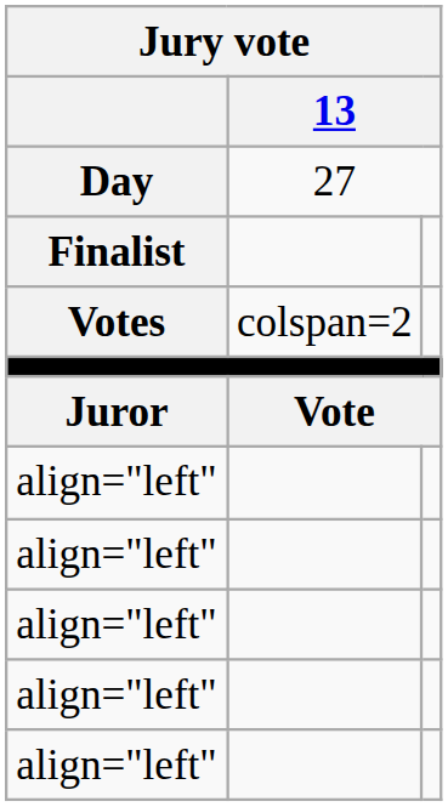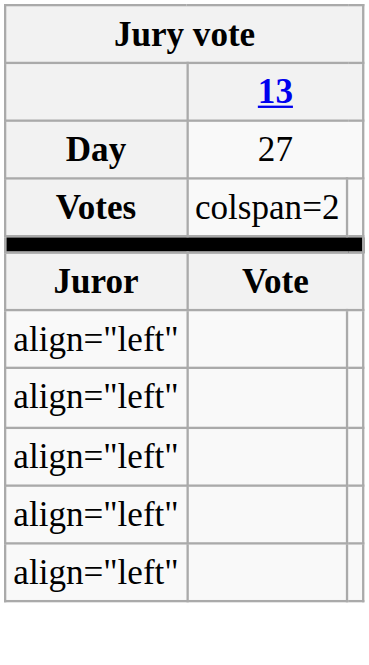 <table class="wikitable nowrap" style="text-align:center; font-size:95%">
 <tr>
 <th colspan=3>Jury vote</th>
 </tr>
 <tr>
 <th></th>
 <th colspan=2><a href='#'>13</a></th>
 </tr>
 <tr>
 <th>Day</th>
 <td colspan=2>27</td>
-</tr>
-<tr>
-<th>Finalist</th>
-<td></td>
-<td></td>
 </tr>
 <tr>
 <th>Votes</th>
 <td>colspan=2 </td>
 </tr>
 <tr>
 <td colspan="3" bgcolor="black"></td>
 </tr>
 <tr>
 <th>Juror</th>
 <th colspan=2>Vote</th>
 </tr>
 <tr>
 <td>align="left" </td>
 <td></td>
 <td></td>
 </tr>
 <tr>
 <td>align="left" </td>
 <td></td>
 <td></td>
 </tr>
 <tr>
 <td>align="left" </td>
 <td></td>
 <td></td>
 </tr>
 <tr>
 <td>align="left" </td>
 <td></td>
 <td></td>
 </tr>
 <tr>
 <td>align="left" </td>
 <td></td>
 <td></td>
 </tr>
 </table>
